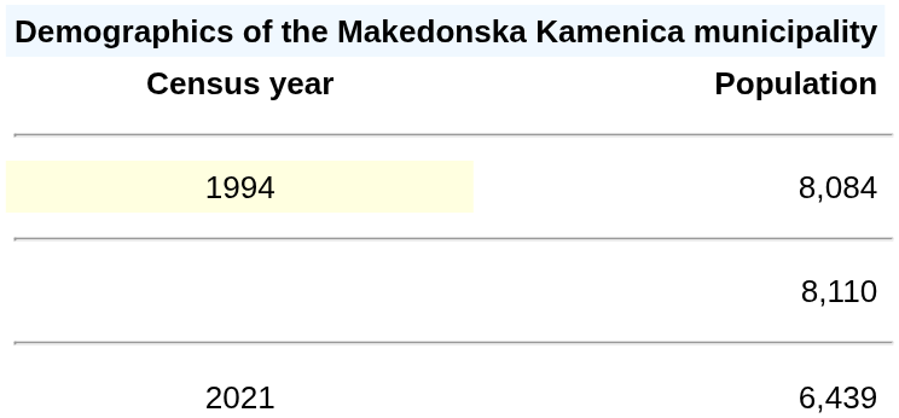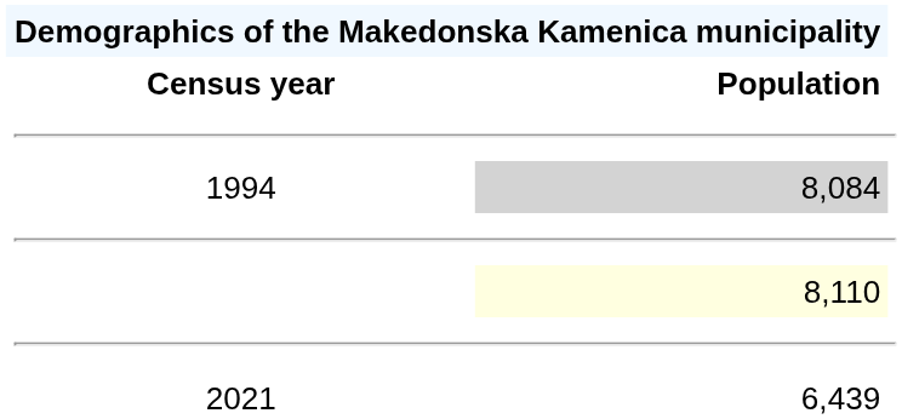 <table class="toccolours" align="Center" cellpadding="4" cellspacing="0" style="margin:0 0 1em 1em; font-size: 95%;">
 <tr>
 <th colspan=2 bgcolor="#F0F8FF" align="center">Demographics of the <strong>Makedonska Kamenica municipality</strong></th>
 <th></th>
 </tr>
 <tr>
 <th align="center">Census year</th>
 <th align="right">Population</th>
 </tr>
 <tr>
 <td colspan=3><hr></td>
 </tr>
 <tr>
-<td align="center" style="background: lightyellow;">1994</td>
-<td align="right">8,084</td>
+<td align="center">1994</td>
+<td align="right" style="background: lightgrey;">8,084</td>
 </tr>
 <tr>
 <td colspan=3><hr></td>
 </tr>
 <tr>
 <td align="center"></td>
-<td align="right">8,110</td>
+<td align="right" style="background: lightyellow;">8,110</td>
 </tr>
 <tr>
 <td colspan=3><hr></td>
 </tr>
 <tr>
 <td align="center">2021</td>
 <td align="right">6,439</td>
 </tr>
 <tr>
 </tr>
 </table>
